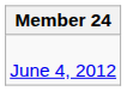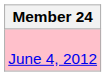 <table class=wikitable align=right>
 <tr>
 <th>Member 24</th>
 </tr>
 <tr>
-<td><br><a href='#'>June 4, 2012</a></td>
+<td style="background: pink;"><br><a href='#'>June 4, 2012</a></td>
 </tr>
 </table>
